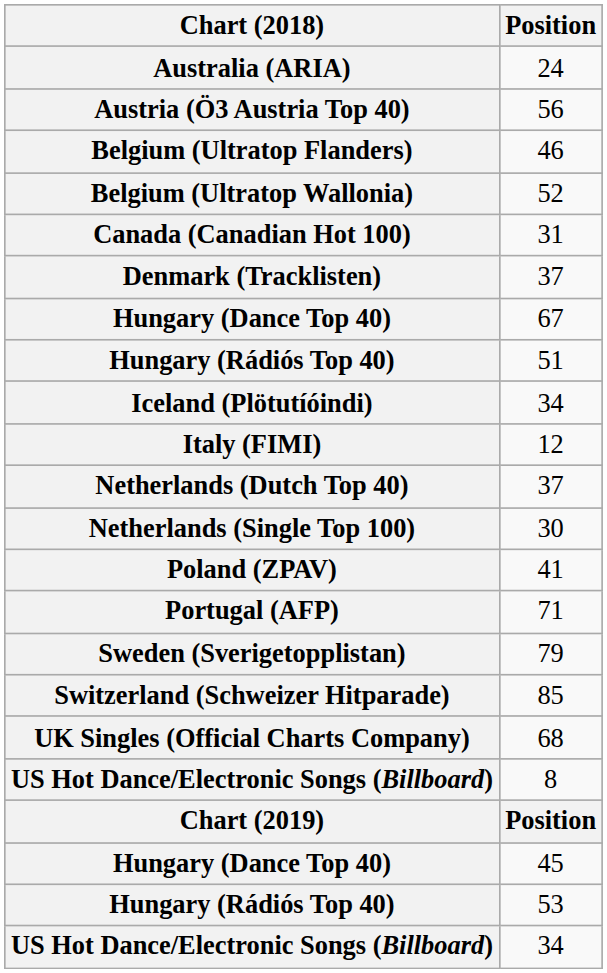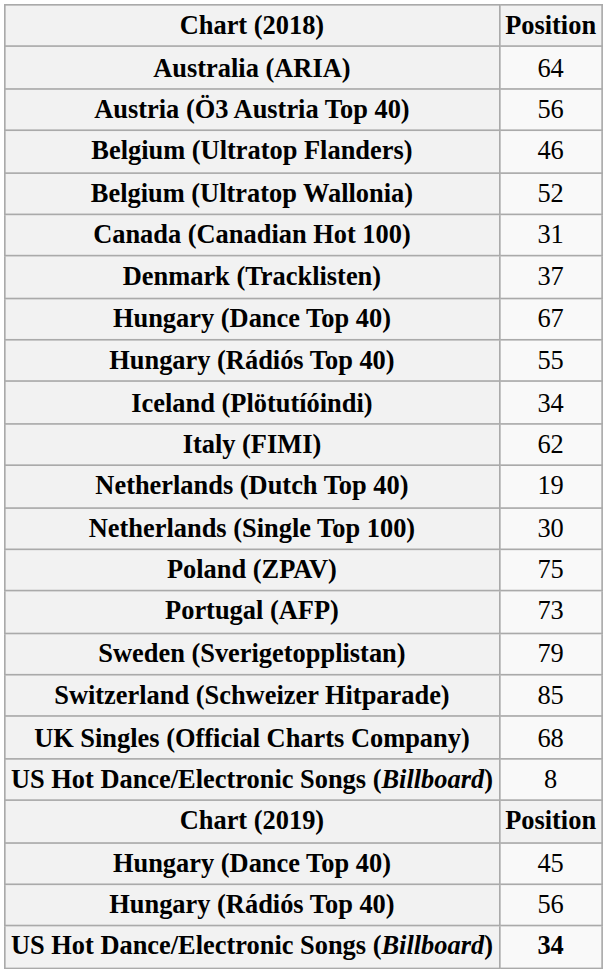 <table class="wikitable sortable plainrowheaders" style="text-align:center">
 <tr>
 <th scope="col">Chart (2018)</th>
 <th scope="col">Position</th>
 </tr>
 <tr>
 <th scope="row">Australia (ARIA)</th>
-<td>24</td>
+<td>64</td>
 </tr>
 <tr>
 <th scope="row">Austria (Ö3 Austria Top 40)</th>
 <td>56</td>
 </tr>
 <tr>
 <th scope="row">Belgium (Ultratop Flanders)</th>
 <td>46</td>
 </tr>
 <tr>
 <th scope="row">Belgium (Ultratop Wallonia)</th>
 <td>52</td>
 </tr>
 <tr>
 <th scope="row">Canada (Canadian Hot 100)</th>
 <td>31</td>
 </tr>
 <tr>
 <th scope="row">Denmark (Tracklisten)</th>
 <td>37</td>
 </tr>
 <tr>
 <th scope="row">Hungary (Dance Top 40)</th>
 <td>67</td>
 </tr>
 <tr>
 <th scope="row">Hungary (Rádiós Top 40)</th>
-<td>51</td>
+<td>55</td>
 </tr>
 <tr>
 <th scope="row">Iceland (Plötutíóindi)</th>
 <td>34</td>
 </tr>
 <tr>
 <th scope="row">Italy (FIMI)</th>
-<td>12</td>
+<td>62</td>
 </tr>
 <tr>
 <th scope="row">Netherlands (Dutch Top 40)</th>
-<td>37</td>
+<td>19</td>
 </tr>
 <tr>
 <th scope="row">Netherlands (Single Top 100)</th>
 <td>30</td>
 </tr>
 <tr>
 <th scope="row">Poland (ZPAV)</th>
-<td>41</td>
+<td>75</td>
 </tr>
 <tr>
 <th scope="row">Portugal (AFP)</th>
-<td>71</td>
+<td>73</td>
 </tr>
 <tr>
 <th scope="row">Sweden (Sverigetopplistan)</th>
 <td>79</td>
 </tr>
 <tr>
 <th scope="row">Switzerland (Schweizer Hitparade)</th>
 <td>85</td>
 </tr>
 <tr>
 <th scope="row">UK Singles (Official Charts Company)</th>
 <td>68</td>
 </tr>
 <tr>
 <th scope="row">US Hot Dance/Electronic Songs (<em>Billboard</em>)</th>
 <td>8</td>
 </tr>
 <tr>
 <th scope="col">Chart (2019)</th>
 <th scope="col">Position</th>
 </tr>
 <tr>
 <th scope="row">Hungary (Dance Top 40)</th>
 <td>45</td>
 </tr>
 <tr>
 <th scope="row">Hungary (Rádiós Top 40)</th>
-<td>53</td>
+<td>56</td>
 </tr>
 <tr>
 <th scope="row">US Hot Dance/Electronic Songs (<em>Billboard</em>)</th>
-<td>34</td>
+<td><strong>34</strong></td>
 </tr>
 </table>
